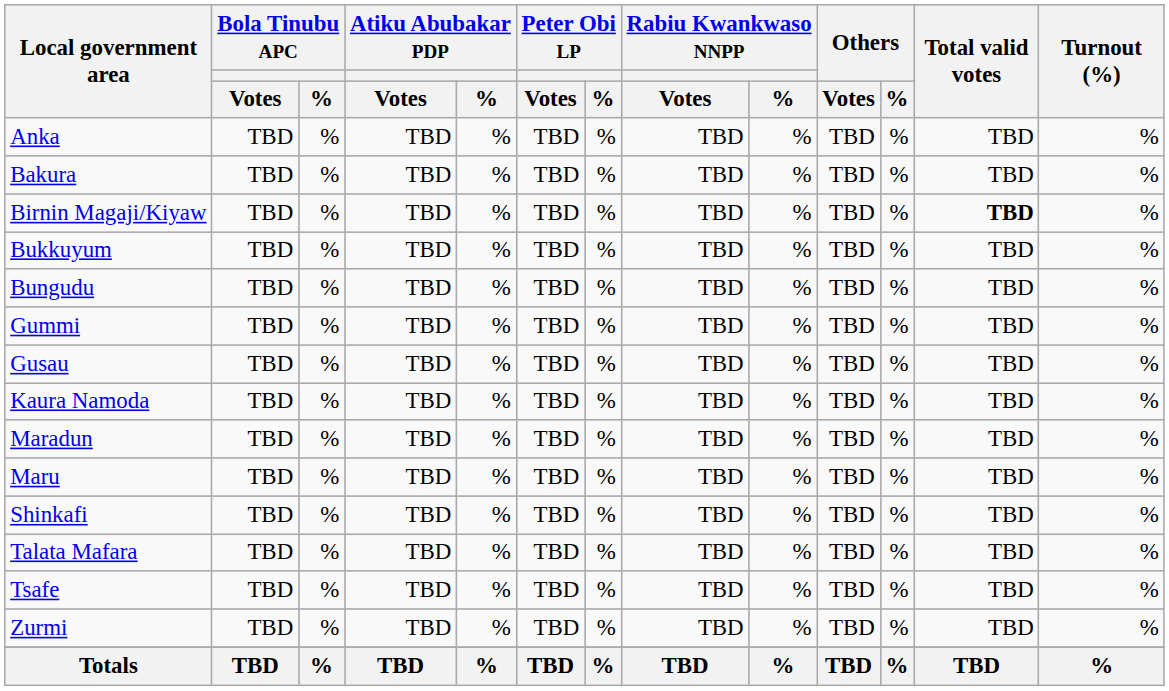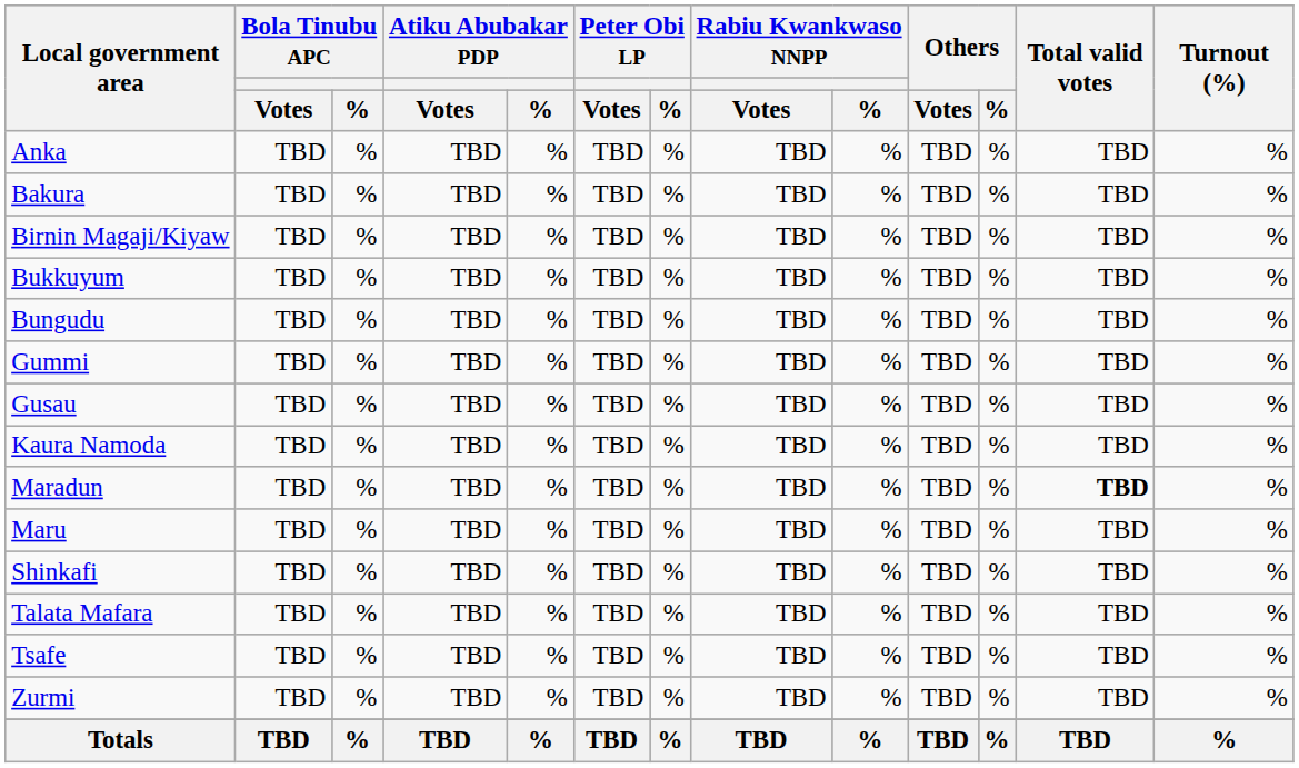 <table class="wikitable sortable" style="text-align:right; font-size:90%">
 <tr>
 <th rowspan="3" style="max-width:7.5em;">Local government area</th>
 <th colspan="2"><a href='#'>Bola Tinubu</a><br><small>APC</small></th>
 <th colspan="2"><a href='#'>Atiku Abubakar</a><br><small>PDP</small></th>
 <th colspan="2"><a href='#'>Peter Obi</a><br><small>LP</small></th>
 <th colspan="2"><a href='#'>Rabiu Kwankwaso</a><br><small>NNPP</small></th>
 <th colspan="2" rowspan="2">Others</th>
 <th rowspan="3" style="max-width:5em;">Total valid votes</th>
 <th rowspan="3" style="max-width:5em;">Turnout (%)</th>
 </tr>
 <tr>
 <th colspan=2 style="background-color:"></th>
 <th colspan=2 style="background-color:"></th>
 <th colspan=2 style="background-color:"></th>
 <th colspan=2 style="background-color:"></th>
 </tr>
 <tr>
 <th>Votes</th>
 <th>%</th>
 <th>Votes</th>
 <th>%</th>
 <th>Votes</th>
 <th>%</th>
 <th>Votes</th>
 <th>%</th>
 <th>Votes</th>
 <th>%</th>
 </tr>
 <tr style="background-color:#">
 <td style="text-align:left;"><a href='#'>Anka</a></td>
 <td>TBD</td>
 <td>%</td>
 <td>TBD</td>
 <td>%</td>
 <td>TBD</td>
 <td>%</td>
 <td>TBD</td>
 <td>%</td>
 <td>TBD</td>
 <td>%</td>
 <td>TBD</td>
 <td>%</td>
 </tr>
 <tr style="background-color:#">
 <td style="text-align:left;"><a href='#'>Bakura</a></td>
 <td>TBD</td>
 <td>%</td>
 <td>TBD</td>
 <td>%</td>
 <td>TBD</td>
 <td>%</td>
 <td>TBD</td>
 <td>%</td>
 <td>TBD</td>
 <td>%</td>
 <td>TBD</td>
 <td>%</td>
 </tr>
 <tr style="background-color:#">
 <td style="text-align:left;"><a href='#'>Birnin Magaji/Kiyaw</a></td>
 <td>TBD</td>
 <td>%</td>
 <td>TBD</td>
 <td>%</td>
 <td>TBD</td>
 <td>%</td>
 <td>TBD</td>
 <td>%</td>
 <td>TBD</td>
 <td>%</td>
-<td><strong>TBD</strong></td>
+<td>TBD</td>
 <td>%</td>
 </tr>
 <tr style="background-color:#">
 <td style="text-align:left;"><a href='#'>Bukkuyum</a></td>
 <td>TBD</td>
 <td>%</td>
 <td>TBD</td>
 <td>%</td>
 <td>TBD</td>
 <td>%</td>
 <td>TBD</td>
 <td>%</td>
 <td>TBD</td>
 <td>%</td>
 <td>TBD</td>
 <td>%</td>
 </tr>
 <tr style="background-color:#">
 <td style="text-align:left;"><a href='#'>Bungudu</a></td>
 <td>TBD</td>
 <td>%</td>
 <td>TBD</td>
 <td>%</td>
 <td>TBD</td>
 <td>%</td>
 <td>TBD</td>
 <td>%</td>
 <td>TBD</td>
 <td>%</td>
 <td>TBD</td>
 <td>%</td>
 </tr>
 <tr style="background-color:#">
 <td style="text-align:left;"><a href='#'>Gummi</a></td>
 <td>TBD</td>
 <td>%</td>
 <td>TBD</td>
 <td>%</td>
 <td>TBD</td>
 <td>%</td>
 <td>TBD</td>
 <td>%</td>
 <td>TBD</td>
 <td>%</td>
 <td>TBD</td>
 <td>%</td>
 </tr>
 <tr style="background-color:#">
 <td style="text-align:left;"><a href='#'>Gusau</a></td>
 <td>TBD</td>
 <td>%</td>
 <td>TBD</td>
 <td>%</td>
 <td>TBD</td>
 <td>%</td>
 <td>TBD</td>
 <td>%</td>
 <td>TBD</td>
 <td>%</td>
 <td>TBD</td>
 <td>%</td>
 </tr>
 <tr style="background-color:#">
 <td style="text-align:left;"><a href='#'>Kaura Namoda</a></td>
 <td>TBD</td>
 <td>%</td>
 <td>TBD</td>
 <td>%</td>
 <td>TBD</td>
 <td>%</td>
 <td>TBD</td>
 <td>%</td>
 <td>TBD</td>
 <td>%</td>
 <td>TBD</td>
 <td>%</td>
 </tr>
 <tr style="background-color:#">
 <td style="text-align:left;"><a href='#'>Maradun</a></td>
 <td>TBD</td>
 <td>%</td>
 <td>TBD</td>
 <td>%</td>
 <td>TBD</td>
 <td>%</td>
 <td>TBD</td>
 <td>%</td>
 <td>TBD</td>
 <td>%</td>
-<td>TBD</td>
+<td><strong>TBD</strong></td>
 <td>%</td>
 </tr>
 <tr style="background-color:#">
 <td style="text-align:left;"><a href='#'>Maru</a></td>
 <td>TBD</td>
 <td>%</td>
 <td>TBD</td>
 <td>%</td>
 <td>TBD</td>
 <td>%</td>
 <td>TBD</td>
 <td>%</td>
 <td>TBD</td>
 <td>%</td>
 <td>TBD</td>
 <td>%</td>
 </tr>
 <tr style="background-color:#">
 <td style="text-align:left;"><a href='#'>Shinkafi</a></td>
 <td>TBD</td>
 <td>%</td>
 <td>TBD</td>
 <td>%</td>
 <td>TBD</td>
 <td>%</td>
 <td>TBD</td>
 <td>%</td>
 <td>TBD</td>
 <td>%</td>
 <td>TBD</td>
 <td>%</td>
 </tr>
 <tr style="background-color:#">
 <td style="text-align:left;"><a href='#'>Talata Mafara</a></td>
 <td>TBD</td>
 <td>%</td>
 <td>TBD</td>
 <td>%</td>
 <td>TBD</td>
 <td>%</td>
 <td>TBD</td>
 <td>%</td>
 <td>TBD</td>
 <td>%</td>
 <td>TBD</td>
 <td>%</td>
 </tr>
 <tr style="background-color:#">
 <td style="text-align:left;"><a href='#'>Tsafe</a></td>
 <td>TBD</td>
 <td>%</td>
 <td>TBD</td>
 <td>%</td>
 <td>TBD</td>
 <td>%</td>
 <td>TBD</td>
 <td>%</td>
 <td>TBD</td>
 <td>%</td>
 <td>TBD</td>
 <td>%</td>
 </tr>
 <tr style="background-color:#">
 <td style="text-align:left;"><a href='#'>Zurmi</a></td>
 <td>TBD</td>
 <td>%</td>
 <td>TBD</td>
 <td>%</td>
 <td>TBD</td>
 <td>%</td>
 <td>TBD</td>
 <td>%</td>
 <td>TBD</td>
 <td>%</td>
 <td>TBD</td>
 <td>%</td>
 </tr>
 <tr>
 </tr>
 <tr>
 <th>Totals</th>
 <th>TBD</th>
 <th>%</th>
 <th>TBD</th>
 <th>%</th>
 <th>TBD</th>
 <th>%</th>
 <th>TBD</th>
 <th>%</th>
 <th>TBD</th>
 <th>%</th>
 <th>TBD</th>
 <th>%</th>
 </tr>
 </table>
